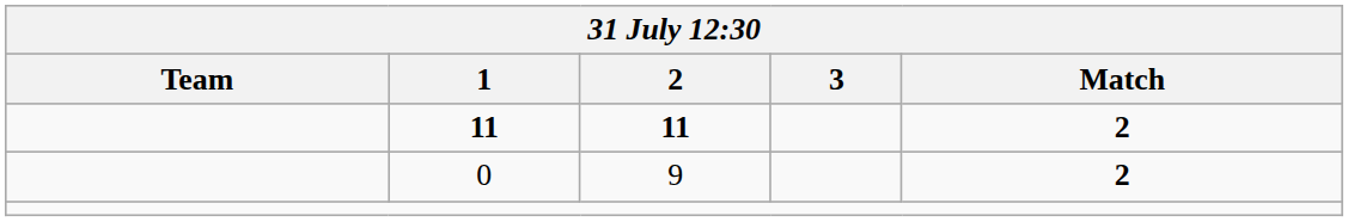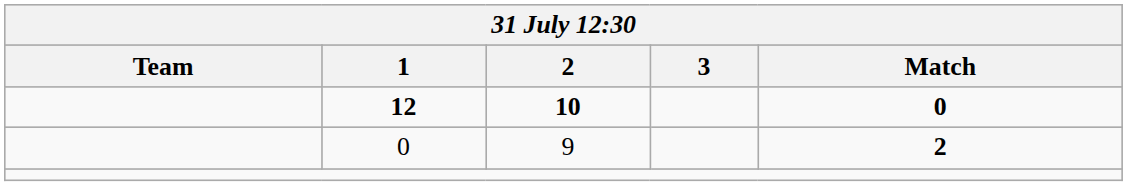 <table class=wikitable style="text-align:center; width: 55%">
 <tr>
 <th colspan=10><em>31 July 12:30</em></th>
 </tr>
 <tr>
 <th>Team</th>
 <th>1</th>
 <th>2</th>
 <th>3</th>
 <th>Match</th>
 </tr>
 <tr>
 <td align=left><strong><br></strong></td>
-<td><strong>11</strong></td>
-<td><strong>11</strong></td>
+<td><strong>12</strong></td>
+<td><strong>10</strong></td>
 <td></td>
-<td><strong>2</strong></td>
+<td><strong>0</strong></td>
 </tr>
 <tr>
 <td align=left><br></td>
 <td>0</td>
 <td>9</td>
 <td></td>
 <td><strong>2</strong></td>
 </tr>
 <tr>
 <td colspan=10></td>
 </tr>
 </table>
